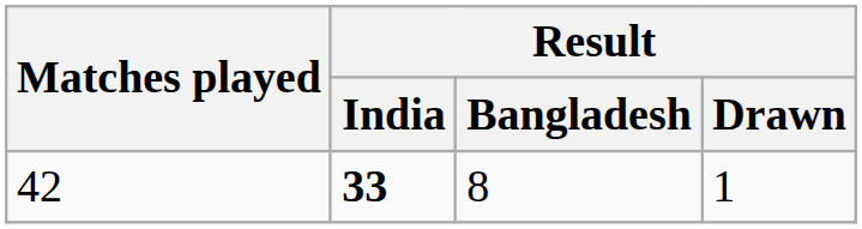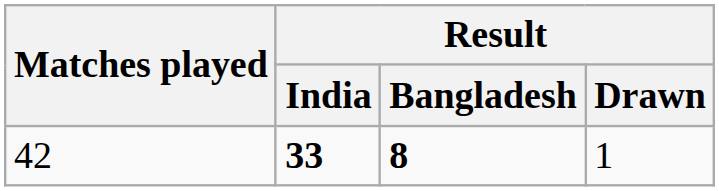 <table class="wikitable">
 <tr>
 <th rowspan=2>Matches played</th>
 <th colspan=3>Result</th>
 </tr>
 <tr>
 <th>India</th>
 <th>Bangladesh</th>
 <th>Drawn</th>
 </tr>
 <tr>
 <td>42</td>
 <td><strong>33</strong></td>
-<td>8</td>
+<td><strong>8</strong></td>
 <td>1</td>
 </tr>
 </table>
